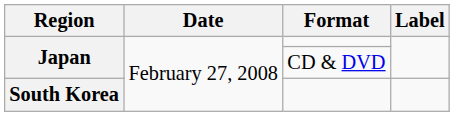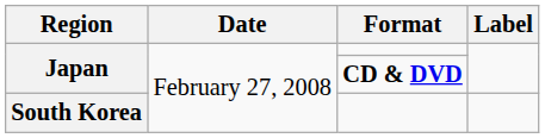 <table class="wikitable plainrowheaders">
 <tr>
 <th scope="col">Region</th>
 <th scope="col">Date</th>
 <th scope="col">Format</th>
 <th scope="col">Label</th>
 </tr>
 <tr>
 <th rowspan="2" scope="row">Japan</th>
 <td rowspan="3">February 27, 2008</td>
 <td></td>
 <td rowspan="2"></td>
 </tr>
 <tr>
-<td>CD & <a href='#'>DVD</a></td>
+<td><strong>CD & <a href='#'>DVD</a></strong></td>
 </tr>
 <tr>
 <th scope="row">South Korea</th>
 <td></td>
 <td></td>
 </tr>
 </table>
